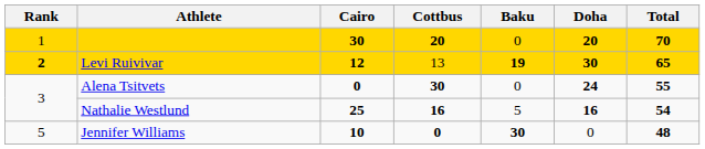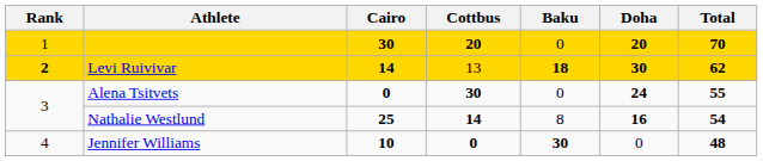 <table style="width:60%;" class="wikitable">
 <tr>
 <th style="text-align:center; width:6%;">Rank</th>
 <th style="text-align:center; width:20%;">Athlete</th>
 <th style="text-align:center; width:6%;"> Cairo</th>
 <th style="text-align:center; width:6%;"> Cottbus</th>
 <th style="text-align:center; width:6%;"> Baku</th>
 <th style="text-align:center; width:6%;"> Doha</th>
 <th style="text-align:center; width:6%;">Total</th>
 </tr>
 <tr scope=row style="text-align:center" bgcolor=gold>
 <td>1</td>
 <td align=left></td>
 <td><strong>30</strong></td>
 <td><strong>20</strong></td>
 <td>0</td>
 <td><strong>20</strong></td>
 <td><strong>70</strong></td>
 </tr>
 <tr scope=row style="text-align:center" bgcolor=gold>
 <td><strong>2</strong></td>
 <td align=left> <a href='#'>Levi Ruivivar</a></td>
-<td><strong>12</strong></td>
+<td><strong>14</strong></td>
 <td>13</td>
-<td><strong>19</strong></td>
+<td><strong>18</strong></td>
 <td><strong>30</strong></td>
-<td><strong>65</strong></td>
+<td><strong>62</strong></td>
 </tr>
 <tr scope=row style="text-align:center">
 <td rowspan="2">3</td>
 <td align=left> <a href='#'>Alena Tsitvets</a></td>
 <td><strong>0</strong></td>
 <td><strong>30</strong></td>
 <td>0</td>
 <td><strong>24</strong></td>
 <td><strong>55</strong></td>
 </tr>
 <tr scope=row style="text-align:center">
 <td align=left> <a href='#'>Nathalie Westlund</a></td>
 <td><strong>25</strong></td>
-<td><strong>16</strong></td>
-<td>5</td>
+<td><strong>14</strong></td>
+<td>8</td>
 <td><strong>16</strong></td>
 <td><strong>54</strong></td>
 </tr>
 <tr scope=row style="text-align:center">
-<td>5</td>
+<td>4</td>
 <td align=left> <a href='#'>Jennifer Williams</a></td>
 <td><strong>10</strong></td>
 <td><strong>0</strong></td>
 <td><strong>30</strong></td>
 <td>0</td>
 <td><strong>48</strong></td>
 </tr>
 </table>
